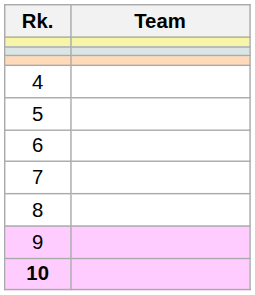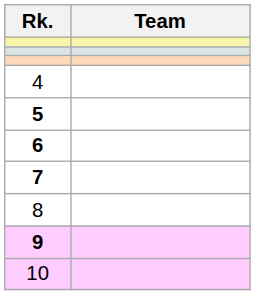 <table class="wikitable" style="border:1px solid #AAAAAA;font-size:90%">
 <tr bgcolor="#E4E4E4">
 <th style="border-bottom:1px solid #AAAAAA" width=40>Rk.</th>
 <th style="border-bottom:1px solid #AAAAAA" width=120>Team</th>
 </tr>
 <tr bgcolor="#F7F6A8">
 <td align="center"></td>
 <td></td>
 </tr>
 <tr bgcolor="#DCE5E5">
 <td align="center"></td>
 <td></td>
 </tr>
 <tr bgcolor="#FFDAB9">
 <td align="center"></td>
 <td></td>
 </tr>
 <tr style="background:#ffffff;">
 <td align="center">4</td>
 <td></td>
 </tr>
 <tr style="background:#ffffff;">
-<td align="center">5</td>
+<td align="center"><strong>5</strong></td>
 <td></td>
 </tr>
 <tr style="background:#ffffff;">
-<td align="center">6</td>
+<td align="center"><strong>6</strong></td>
 <td></td>
 </tr>
 <tr style="background:#ffffff;">
-<td align="center">7</td>
+<td align="center"><strong>7</strong></td>
 <td></td>
 </tr>
 <tr style="background:#ffffff;">
 <td align="center">8</td>
 <td></td>
 </tr>
 <tr style="background:#ffccff;">
-<td align="center">9</td>
+<td align="center"><strong>9</strong></td>
 <td></td>
 </tr>
 <tr style="background:#ffccff;">
-<td align="center"><strong>10</strong></td>
+<td align="center">10</td>
 <td></td>
 </tr>
 </table>
